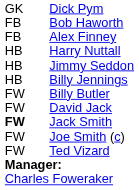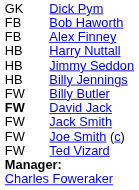 <table style="font-size:90%; margin:0.2em auto;" cellspacing="0" cellpadding="0">
 <tr>
 <th width="25"></th>
 <th width="25"></th>
 </tr>
 <tr>
 <td>GK</td>
 <td></td>
 <td> <a href='#'>Dick Pym</a></td>
 </tr>
 <tr>
 <td>FB</td>
 <td></td>
 <td> <a href='#'>Bob Haworth</a></td>
 </tr>
 <tr>
 <td>FB</td>
 <td></td>
 <td> <a href='#'>Alex Finney</a></td>
 </tr>
 <tr>
 <td>HB</td>
 <td></td>
 <td> <a href='#'>Harry Nuttall</a></td>
 </tr>
 <tr>
 <td>HB</td>
 <td></td>
 <td> <a href='#'>Jimmy Seddon</a></td>
 </tr>
 <tr>
 <td>HB</td>
 <td></td>
 <td> <a href='#'>Billy Jennings</a></td>
 </tr>
 <tr>
 <td>FW</td>
 <td></td>
 <td> <a href='#'>Billy Butler</a></td>
 </tr>
 <tr>
-<td>FW</td>
+<td><strong>FW</strong></td>
 <td></td>
 <td> <a href='#'>David Jack</a></td>
 </tr>
 <tr>
-<td><strong>FW</strong></td>
+<td>FW</td>
 <td></td>
 <td> <a href='#'>Jack Smith</a></td>
 </tr>
 <tr>
 <td>FW</td>
 <td></td>
 <td> <a href='#'>Joe Smith</a> (<a href='#'>c</a>)</td>
 </tr>
 <tr>
 <td>FW</td>
 <td></td>
 <td> <a href='#'>Ted Vizard</a></td>
 </tr>
 <tr>
 <td colspan=4><strong>Manager:</strong></td>
 </tr>
 <tr>
 <td colspan="4"> <a href='#'>Charles Foweraker</a></td>
 </tr>
 </table>
